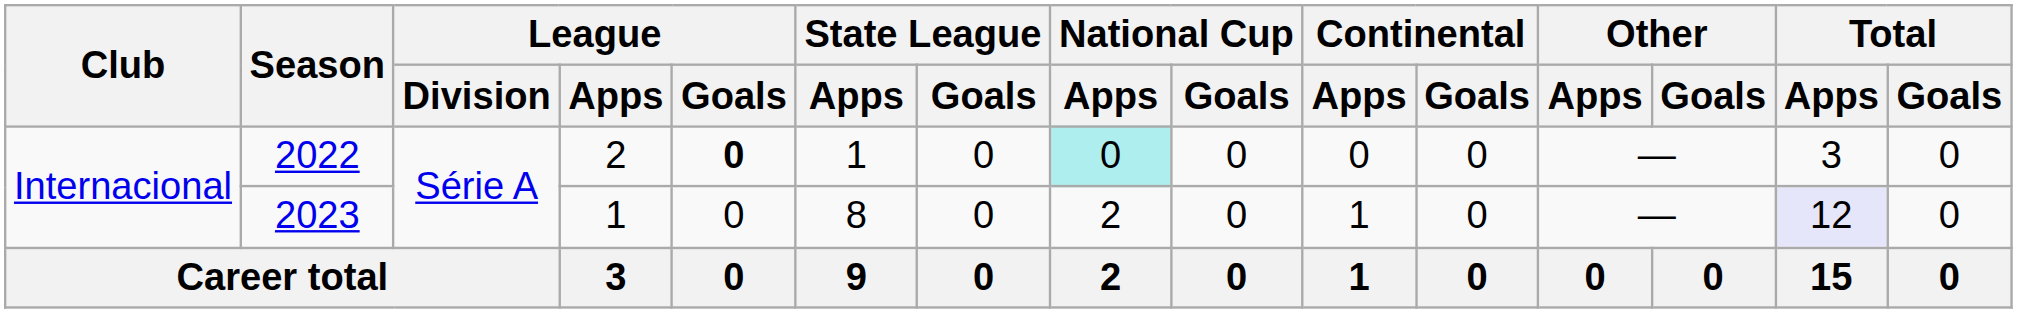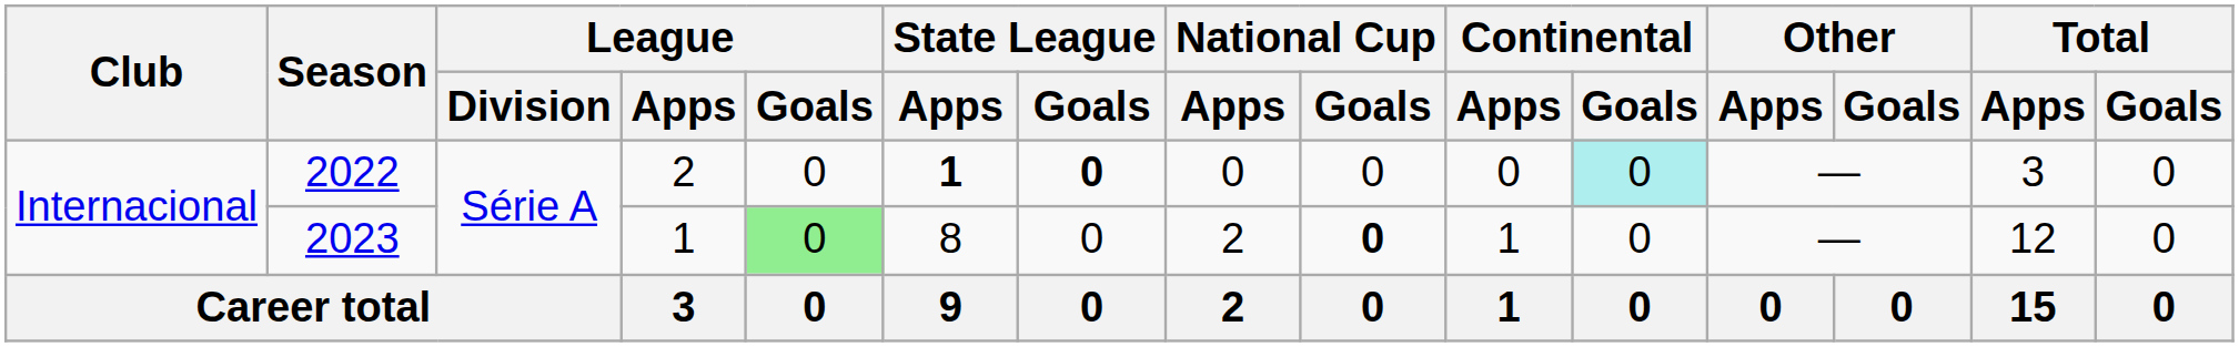 <table class="wikitable" style="text-align:center">
 <tr>
 <th rowspan="2">Club</th>
 <th rowspan="2">Season</th>
 <th colspan="3">League</th>
 <th colspan="2">State League</th>
 <th colspan="2">National Cup</th>
 <th colspan="2">Continental</th>
 <th colspan="2">Other</th>
 <th colspan="2">Total</th>
 </tr>
 <tr>
 <th>Division</th>
 <th>Apps</th>
 <th>Goals</th>
 <th>Apps</th>
 <th>Goals</th>
 <th>Apps</th>
 <th>Goals</th>
 <th>Apps</th>
 <th>Goals</th>
 <th>Apps</th>
 <th>Goals</th>
 <th>Apps</th>
 <th>Goals</th>
 </tr>
 <tr>
 <td rowspan="2"><a href='#'>Internacional</a></td>
 <td><a href='#'>2022</a></td>
 <td rowspan="2"><a href='#'>Série A</a></td>
 <td>2</td>
+<td>0</td>
+<td><strong>1</strong></td>
 <td><strong>0</strong></td>
-<td>1</td>
-<td>0</td>
-<td style="background: paleturquoise;">0</td>
 <td>0</td>
 <td>0</td>
 <td>0</td>
+<td style="background: paleturquoise;">0</td>
 <td colspan="2">—</td>
 <td>3</td>
 <td>0</td>
 </tr>
 <tr>
 <td><a href='#'>2023</a></td>
 <td>1</td>
-<td>0</td>
+<td style="background: lightgreen;">0</td>
 <td>8</td>
 <td>0</td>
 <td>2</td>
-<td>0</td>
+<td><strong>0</strong></td>
 <td>1</td>
 <td>0</td>
 <td colspan="2">—</td>
-<td style="background: lavender;">12</td>
+<td>12</td>
 <td>0</td>
 </tr>
 <tr>
 <th colspan="3">Career total</th>
 <th>3</th>
 <th>0</th>
 <th>9</th>
 <th>0</th>
 <th>2</th>
 <th>0</th>
 <th>1</th>
 <th>0</th>
 <th>0</th>
 <th>0</th>
 <th>15</th>
 <th>0</th>
 </tr>
 </table>
